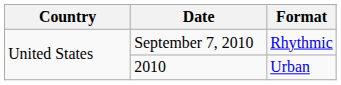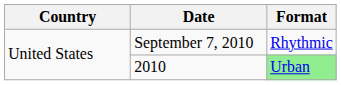 <table class="wikitable">
 <tr>
 <th style="width:120px;">Country</th>
 <th style="width:130px;">Date</th>
 <th>Format</th>
 </tr>
 <tr>
 <td rowspan="2">United States</td>
 <td>September 7, 2010</td>
 <td><a href='#'>Rhythmic</a></td>
 </tr>
 <tr>
 <td>2010</td>
-<td><a href='#'>Urban</a></td>
+<td style="background: lightgreen;"><a href='#'>Urban</a></td>
 </tr>
 </table>
